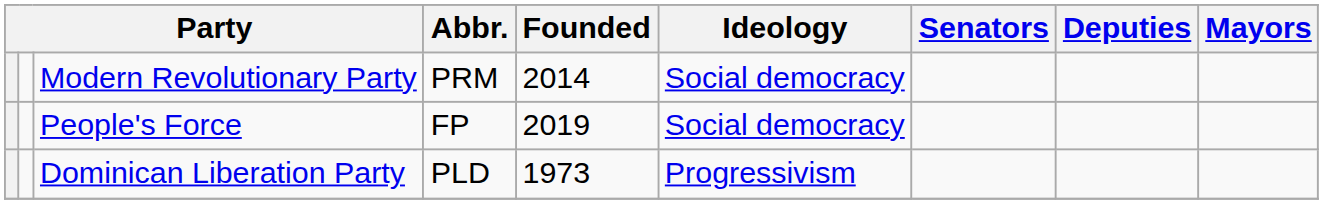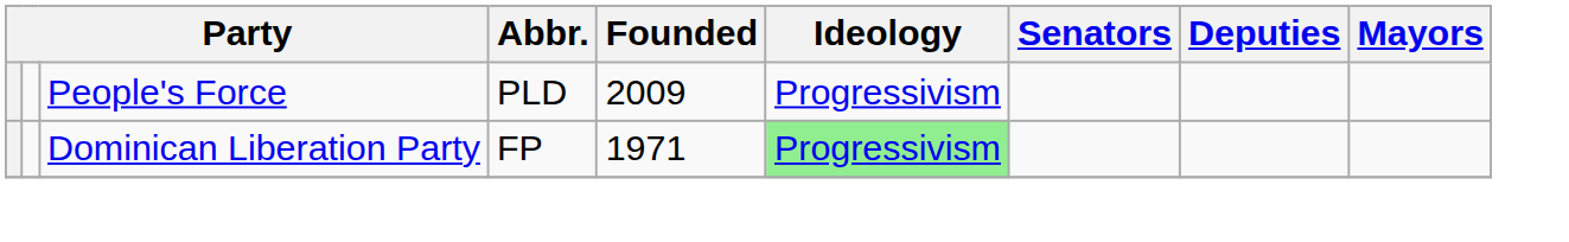 <table class="wikitable sortable">
 <tr>
 <th colspan="3">Party</th>
 <th>Abbr.</th>
 <th>Founded</th>
 <th>Ideology</th>
 <th><a href='#'>Senators</a></th>
 <th><a href='#'>Deputies</a></th>
 <th><a href='#'>Mayors</a></th>
 </tr>
 <tr>
 <th style="background-color: "></th>
 <td></td>
-<td><a href='#'>Modern Revolutionary Party</a><br></td>
-<td>PRM</td>
-<td>2014</td>
-<td><a href='#'>Social democracy</a></td>
-<td></td>
-<td></td>
-<td></td>
-</tr>
-<tr>
-<th style="background-color: "></th>
-<td></td>
 <td><a href='#'>People's Force</a><br></td>
-<td>FP</td>
-<td>2019</td>
-<td><a href='#'>Social democracy</a></td>
+<td>PLD</td>
+<td>2009</td>
+<td><a href='#'>Progressivism</a></td>
 <td></td>
 <td></td>
 <td></td>
 </tr>
 <tr>
 <th style="background-color: "></th>
 <td></td>
 <td><a href='#'>Dominican Liberation Party</a><br></td>
-<td>PLD</td>
-<td>1973</td>
-<td><a href='#'>Progressivism</a></td>
+<td>FP</td>
+<td>1971</td>
+<td style="background: lightgreen;"><a href='#'>Progressivism</a></td>
 <td></td>
 <td></td>
 <td></td>
 </tr>
 <tr>
 </tr>
 </table>
